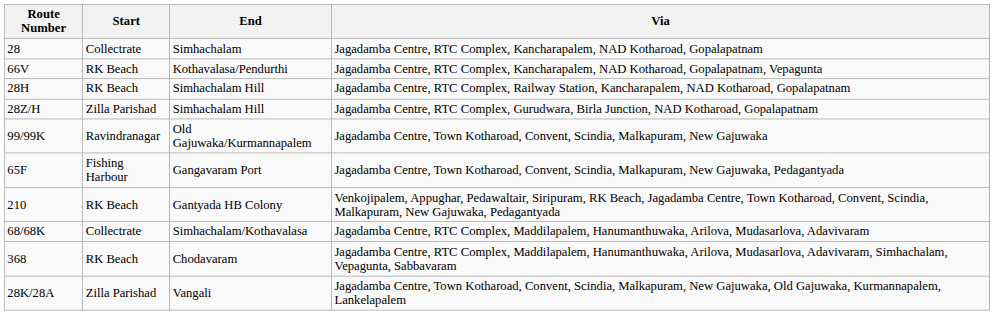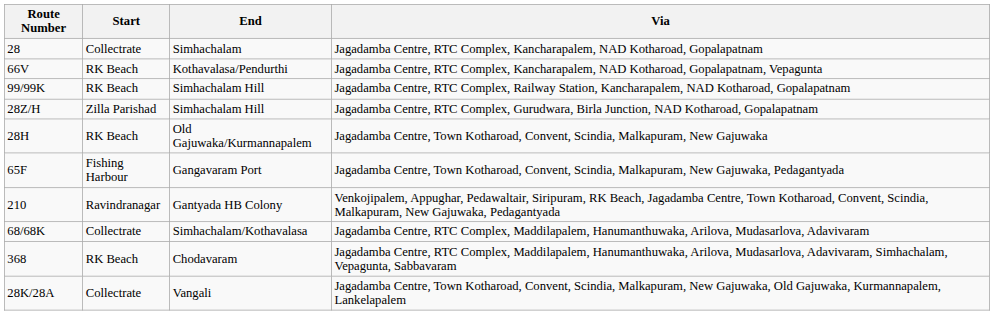 <table class="sortable wikitable">
 <tr>
 <th>Route Number</th>
 <th>Start</th>
 <th>End</th>
 <th>Via</th>
 </tr>
 <tr>
 <td>28</td>
 <td>Collectrate</td>
 <td>Simhachalam</td>
 <td>Jagadamba Centre, RTC Complex, Kancharapalem, NAD Kotharoad, Gopalapatnam</td>
 </tr>
 <tr>
 <td>66V</td>
 <td>RK Beach</td>
 <td>Kothavalasa/Pendurthi</td>
 <td>Jagadamba Centre, RTC Complex, Kancharapalem, NAD Kotharoad, Gopalapatnam, Vepagunta</td>
 </tr>
 <tr>
-<td>28H</td>
+<td>99/99K</td>
 <td>RK Beach</td>
 <td>Simhachalam Hill</td>
 <td>Jagadamba Centre, RTC Complex, Railway Station, Kancharapalem, NAD Kotharoad, Gopalapatnam</td>
 </tr>
 <tr>
 <td>28Z/H</td>
 <td>Zilla Parishad</td>
 <td>Simhachalam Hill</td>
 <td>Jagadamba Centre, RTC Complex, Gurudwara, Birla Junction, NAD Kotharoad, Gopalapatnam</td>
 </tr>
 <tr>
-<td>99/99K</td>
-<td>Ravindranagar</td>
+<td>28H</td>
+<td>RK Beach</td>
 <td>Old Gajuwaka/Kurmannapalem</td>
 <td>Jagadamba Centre, Town Kotharoad, Convent, Scindia, Malkapuram, New Gajuwaka</td>
 </tr>
 <tr>
 <td>65F</td>
 <td>Fishing Harbour</td>
 <td>Gangavaram Port</td>
 <td>Jagadamba Centre, Town Kotharoad, Convent, Scindia, Malkapuram, New Gajuwaka, Pedagantyada</td>
 </tr>
 <tr>
 <td>210</td>
-<td>RK Beach</td>
+<td>Ravindranagar</td>
 <td>Gantyada HB Colony</td>
 <td>Venkojipalem, Appughar, Pedawaltair, Siripuram, RK Beach, Jagadamba Centre, Town Kotharoad, Convent, Scindia, Malkapuram, New Gajuwaka, Pedagantyada</td>
 </tr>
 <tr>
 <td>68/68K</td>
 <td>Collectrate</td>
 <td>Simhachalam/Kothavalasa</td>
 <td>Jagadamba Centre, RTC Complex, Maddilapalem, Hanumanthuwaka, Arilova, Mudasarlova, Adavivaram</td>
 </tr>
 <tr>
 <td>368</td>
 <td>RK Beach</td>
 <td>Chodavaram</td>
 <td>Jagadamba Centre, RTC Complex, Maddilapalem, Hanumanthuwaka, Arilova, Mudasarlova, Adavivaram, Simhachalam, Vepagunta, Sabbavaram</td>
 </tr>
 <tr>
 <td>28K/28A</td>
-<td>Zilla Parishad</td>
+<td>Collectrate</td>
 <td>Vangali</td>
 <td>Jagadamba Centre, Town Kotharoad, Convent, Scindia, Malkapuram, New Gajuwaka, Old Gajuwaka, Kurmannapalem, Lankelapalem</td>
 </tr>
 </table>
